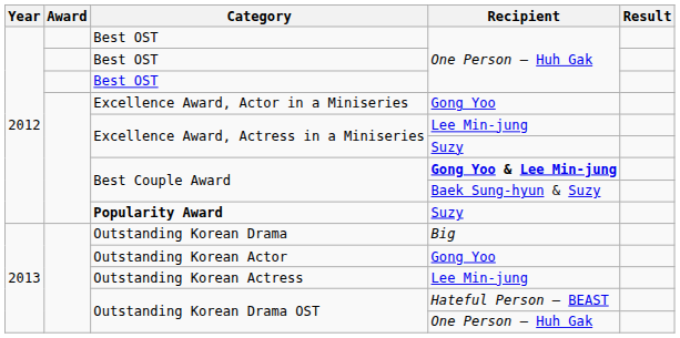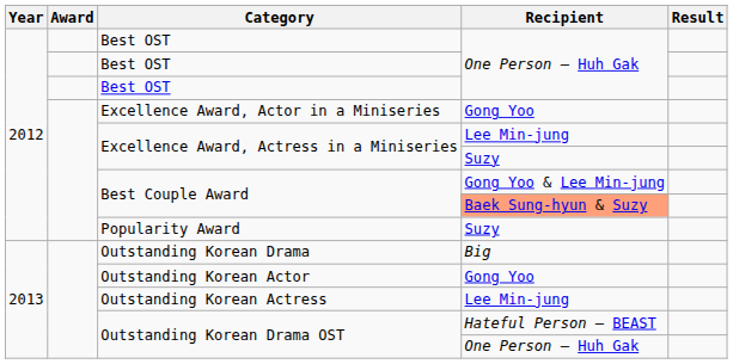 <table class="wikitable">
 <tr>
 <th>Year</th>
 <th>Award</th>
 <th>Category</th>
 <th>Recipient</th>
 <th>Result</th>
 </tr>
 <tr>
 <td rowspan="9" style="text-align:center;">2012</td>
 <td></td>
 <td>Best OST</td>
 <td rowspan="3"><em>One Person</em> – <a href='#'>Huh Gak</a></td>
 <td></td>
 </tr>
 <tr>
 <td></td>
 <td>Best OST</td>
 <td></td>
 </tr>
 <tr>
 <td></td>
 <td><a href='#'>Best OST</a></td>
 <td></td>
 </tr>
 <tr>
 <td rowspan="6"></td>
 <td>Excellence Award, Actor in a Miniseries</td>
 <td><a href='#'>Gong Yoo</a></td>
 <td></td>
 </tr>
 <tr>
 <td rowspan="2">Excellence Award, Actress in a Miniseries</td>
 <td><a href='#'>Lee Min-jung</a></td>
 <td></td>
 </tr>
 <tr>
 <td><a href='#'>Suzy</a></td>
 <td></td>
 </tr>
 <tr>
 <td rowspan="2">Best Couple Award</td>
-<td><strong><a href='#'>Gong Yoo</a> & <a href='#'>Lee Min-jung</a></strong></td>
+<td><a href='#'>Gong Yoo</a> & <a href='#'>Lee Min-jung</a></td>
 <td></td>
 </tr>
 <tr>
-<td><a href='#'>Baek Sung-hyun</a> & <a href='#'>Suzy</a></td>
+<td style="background: lightsalmon;"><a href='#'>Baek Sung-hyun</a> & <a href='#'>Suzy</a></td>
 <td></td>
 </tr>
 <tr>
-<td><strong>Popularity Award</strong></td>
+<td>Popularity Award</td>
 <td><a href='#'>Suzy</a></td>
 <td></td>
 </tr>
 <tr>
 <td rowspan="5" style="text-align:center;">2013</td>
 <td rowspan="5"></td>
 <td>Outstanding Korean Drama</td>
 <td><em>Big</em></td>
 <td></td>
 </tr>
 <tr>
 <td>Outstanding Korean Actor</td>
 <td><a href='#'>Gong Yoo</a></td>
 <td></td>
 </tr>
 <tr>
 <td>Outstanding Korean Actress</td>
 <td><a href='#'>Lee Min-jung</a></td>
 <td></td>
 </tr>
 <tr>
 <td rowspan="2">Outstanding Korean Drama OST</td>
 <td><em>Hateful Person</em> – <a href='#'>BEAST</a></td>
 <td></td>
 </tr>
 <tr>
 <td><em>One Person</em> – <a href='#'>Huh Gak</a></td>
 <td></td>
 </tr>
 </table>
